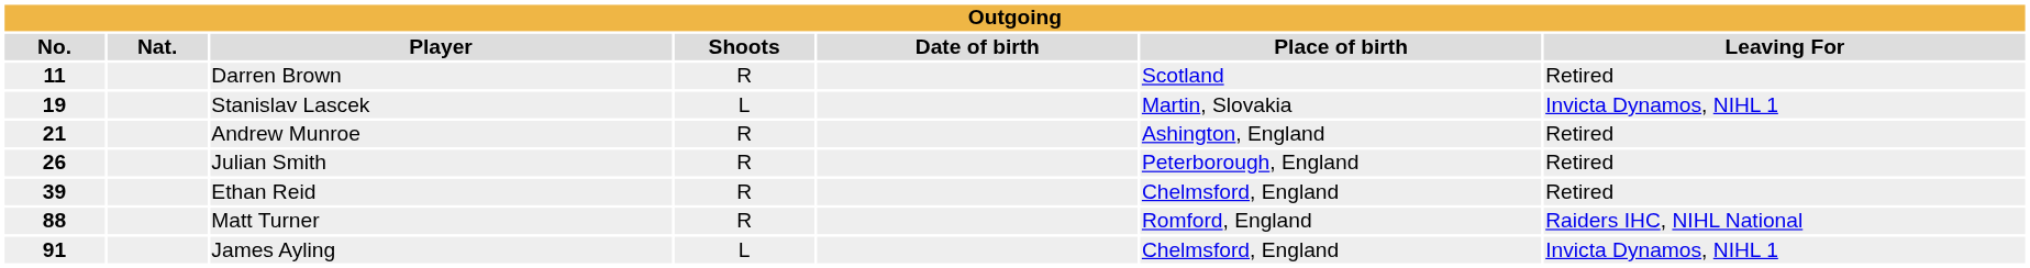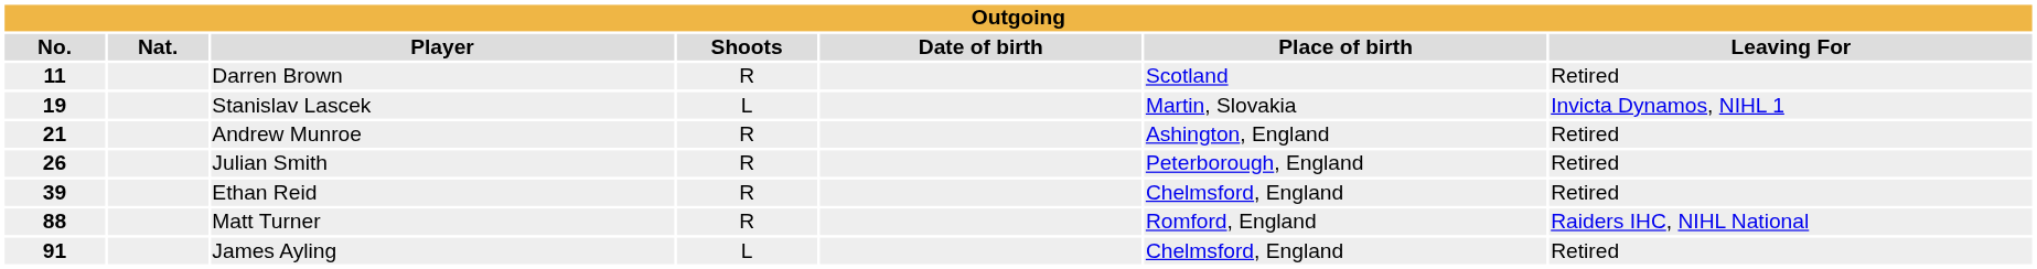 <table class="toccolours" style="width:97%; clear:both; margin:1.5em auto; text-align:center;">
 <tr>
 <th colspan="7" style="background:#efb645; color:black;”">Outgoing</th>
 </tr>
 <tr style="background:#ddd;">
 <th width="5%">No.</th>
 <th width="5%">Nat.</th>
 <th>Player</th>
 <th width="7%">Shoots</th>
 <th width="16%">Date of birth</th>
 <th width="20%">Place of birth</th>
 <th width="24%">Leaving For</th>
 </tr>
 <tr style="background:#eee;">
 <td><strong>11</strong></td>
 <td></td>
 <td align=left>Darren Brown</td>
 <td>R</td>
 <td align=left></td>
 <td align=left><a href='#'>Scotland</a></td>
 <td align=left>Retired</td>
 </tr>
 <tr style="background:#eee;">
 <td><strong>19</strong></td>
 <td></td>
 <td align=left>Stanislav Lascek</td>
 <td>L</td>
 <td align=left></td>
 <td align=left><a href='#'>Martin</a>, Slovakia</td>
 <td align=left><a href='#'>Invicta Dynamos</a>, <a href='#'>NIHL 1</a></td>
 </tr>
 <tr style="background:#eee;">
 <td><strong>21</strong></td>
 <td></td>
 <td align=left>Andrew Munroe</td>
 <td>R</td>
 <td align=left></td>
 <td align=left><a href='#'>Ashington</a>, England</td>
 <td align=left>Retired</td>
 </tr>
 <tr style="background:#eee;">
 <td><strong>26</strong></td>
 <td></td>
 <td align=left>Julian Smith</td>
 <td>R</td>
 <td align=left></td>
 <td align=left><a href='#'>Peterborough</a>, England</td>
 <td align=left>Retired</td>
 </tr>
 <tr style="background:#eee;">
 <td><strong>39</strong></td>
 <td></td>
 <td align=left>Ethan Reid</td>
 <td>R</td>
 <td align=left></td>
 <td align=left><a href='#'>Chelmsford</a>, England</td>
 <td align=left>Retired</td>
 </tr>
 <tr style="background:#eee;">
 <td><strong>88</strong></td>
 <td></td>
 <td align=left>Matt Turner</td>
 <td>R</td>
 <td align=left></td>
 <td align=left><a href='#'>Romford</a>, England</td>
 <td align=left><a href='#'>Raiders IHC</a>, <a href='#'>NIHL National</a></td>
 </tr>
 <tr style="background:#eee;">
 <td><strong>91</strong></td>
 <td></td>
 <td align=left>James Ayling</td>
 <td>L</td>
 <td align=left></td>
 <td align=left><a href='#'>Chelmsford</a>, England</td>
-<td align=left><a href='#'>Invicta Dynamos</a>, <a href='#'>NIHL 1</a></td>
+<td align=left>Retired</td>
 </tr>
 </table>
